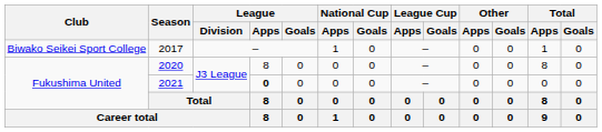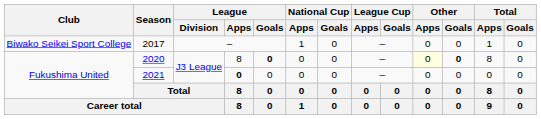 <table class="wikitable" style="text-align: center">
 <tr>
 <th rowspan="2">Club</th>
 <th rowspan="2">Season</th>
 <th colspan="3">League</th>
 <th colspan="2">National Cup</th>
 <th colspan="2">League Cup</th>
 <th colspan="2">Other</th>
 <th colspan="2">Total</th>
 </tr>
 <tr>
 <th>Division</th>
 <th>Apps</th>
 <th>Goals</th>
 <th>Apps</th>
 <th>Goals</th>
 <th>Apps</th>
 <th>Goals</th>
 <th>Apps</th>
 <th>Goals</th>
 <th>Apps</th>
 <th>Goals</th>
 </tr>
 <tr>
 <td><a href='#'>Biwako Seikei Sport College</a></td>
 <td>2017</td>
 <td colspan="3">–</td>
 <td>1</td>
 <td>0</td>
 <td colspan="2">–</td>
 <td>0</td>
 <td>0</td>
 <td>1</td>
 <td>0</td>
 </tr>
 <tr>
 <td rowspan="3"><a href='#'>Fukushima United</a></td>
 <td><a href='#'>2020</a></td>
 <td rowspan="2"><a href='#'>J3 League</a></td>
 <td>8</td>
-<td>0</td>
+<td><strong>0</strong></td>
 <td>0</td>
 <td>0</td>
 <td colspan="2">–</td>
-<td>0</td>
-<td>0</td>
+<td style="background: lightyellow;">0</td>
+<td><strong>0</strong></td>
 <td>8</td>
 <td>0</td>
 </tr>
 <tr>
 <td><a href='#'>2021</a></td>
 <td><strong>0</strong></td>
 <td>0</td>
 <td>0</td>
 <td>0</td>
 <td colspan="2">–</td>
 <td>0</td>
 <td>0</td>
 <td>0</td>
 <td>0</td>
 </tr>
 <tr>
 <th colspan=2>Total</th>
 <th>8</th>
 <th>0</th>
 <th>0</th>
 <th>0</th>
 <th>0</th>
 <th>0</th>
 <th>0</th>
 <th>0</th>
 <th>8</th>
 <th>0</th>
 </tr>
 <tr>
 <th colspan=3>Career total</th>
 <th>8</th>
 <th>0</th>
 <th>1</th>
 <th>0</th>
 <th>0</th>
 <th>0</th>
 <th>0</th>
 <th>0</th>
 <th>9</th>
 <th>0</th>
 </tr>
 </table>
